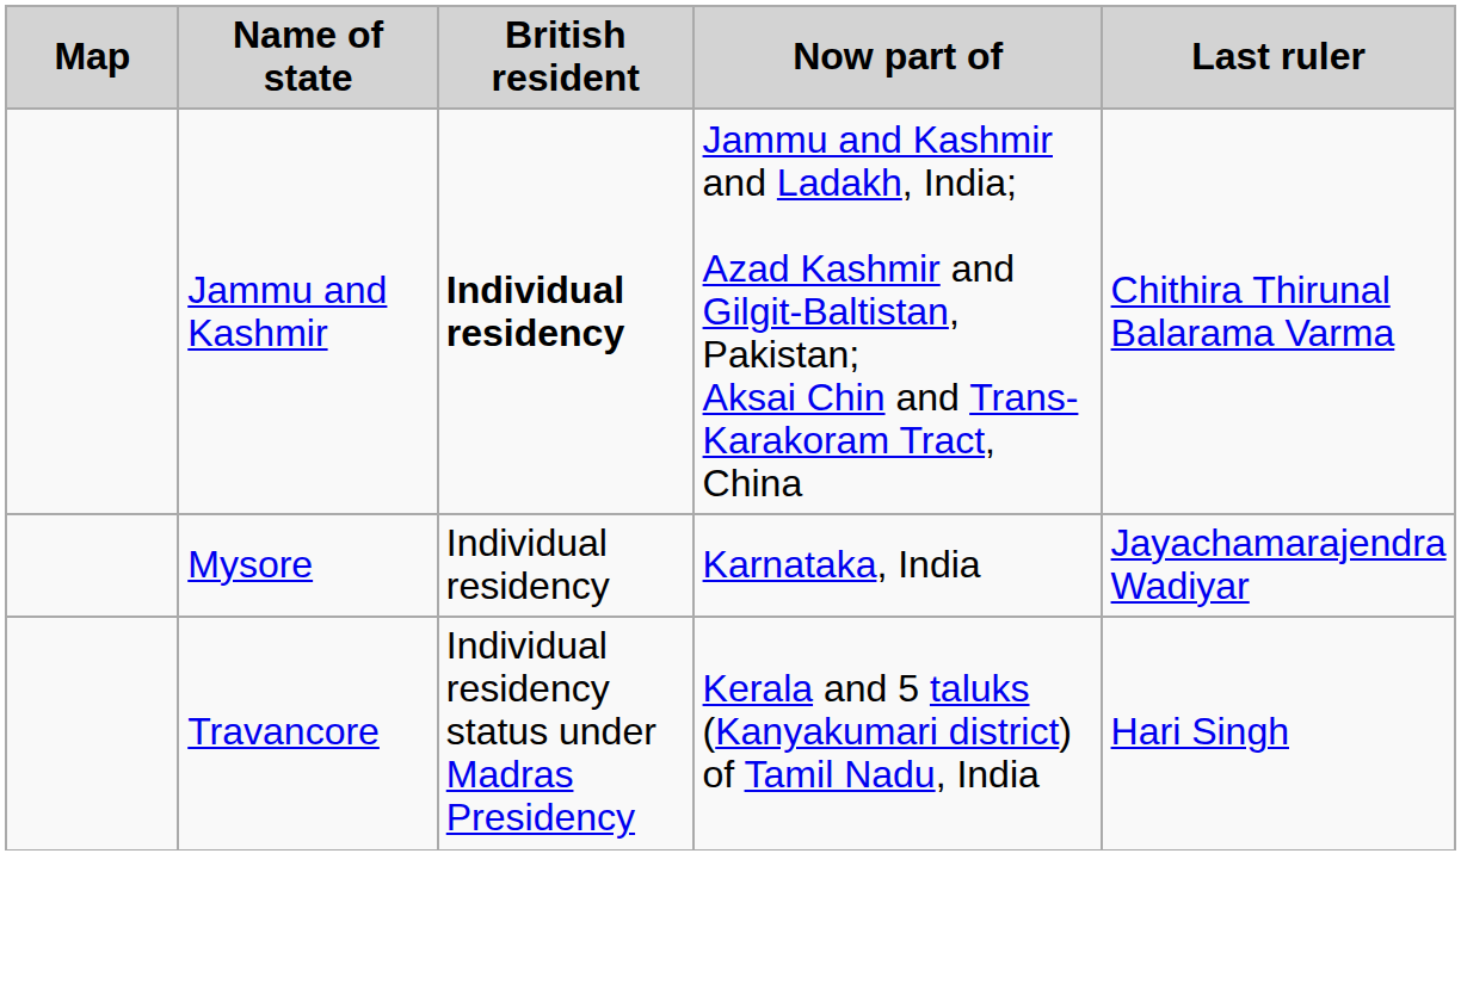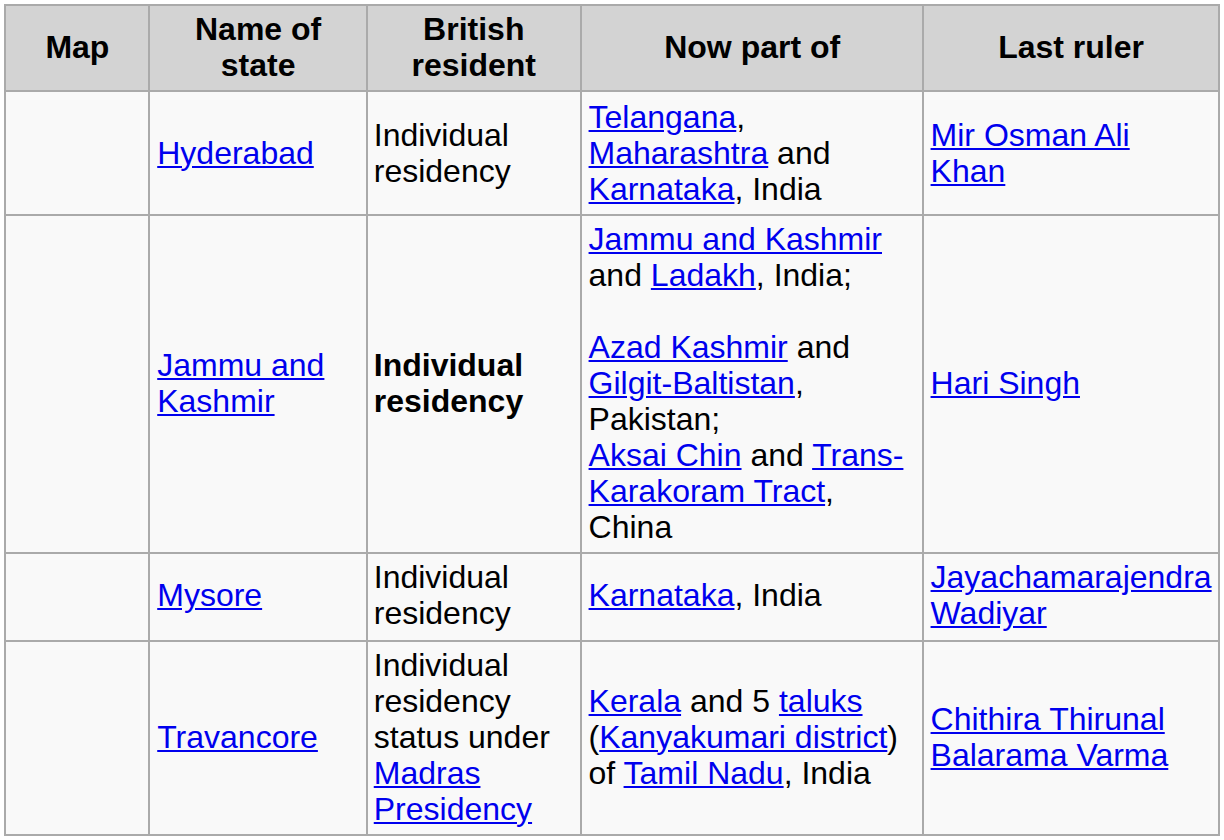 <table class="wikitable">
 <tr>
 <th style="width: 160px; background-color: lightgrey;">Map</th>
 <th style="width: 160px; background-color: lightgrey;">Name of state</th>
 <th style="width: 160px; background-color: lightgrey;">British resident</th>
 <th style="width: 350px; background-color: lightgrey;">Now part of</th>
 <th style="background-color: lightgrey;">Last ruler</th>
 </tr>
 <tr>
 <td></td>
+<td width=160px><a href='#'>Hyderabad</a></td>
+<td width=160px>Individual residency</td>
+<td> <a href='#'>Telangana</a>, <a href='#'>Maharashtra</a> and <a href='#'>Karnataka</a>, India</td>
+<td><a href='#'>Mir Osman Ali Khan</a></td>
+</tr>
+<tr>
+<td></td>
 <td> <a href='#'>Jammu and Kashmir</a></td>
 <td><strong>Individual residency</strong></td>
 <td> <a href='#'>Jammu and Kashmir</a> and <a href='#'>Ladakh</a>, India; <br><br> <a href='#'>Azad Kashmir</a> and <a href='#'>Gilgit-Baltistan</a>, Pakistan; <br>  <a href='#'>Aksai Chin</a> and <a href='#'>Trans-Karakoram Tract</a>, China</td>
-<td><a href='#'>Chithira Thirunal Balarama Varma</a></td>
+<td><a href='#'>Hari Singh</a></td>
 </tr>
 <tr>
 <td></td>
 <td> <a href='#'>Mysore</a></td>
 <td>Individual residency</td>
 <td> <a href='#'>Karnataka</a>, India</td>
 <td><a href='#'>Jayachamarajendra Wadiyar</a></td>
 </tr>
 <tr>
 <td></td>
 <td> <a href='#'>Travancore</a></td>
 <td>Individual residency status under <a href='#'>Madras Presidency</a></td>
 <td> <a href='#'>Kerala</a>  and 5 <a href='#'>taluks</a> (<a href='#'>Kanyakumari district</a>) of <a href='#'>Tamil Nadu</a>, India</td>
-<td><a href='#'>Hari Singh</a></td>
+<td><a href='#'>Chithira Thirunal Balarama Varma</a></td>
 </tr>
 <tr>
 </tr>
 </table>
